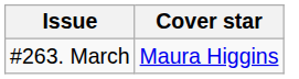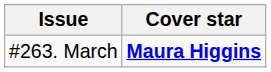 <table class="sortable wikitable">
 <tr>
 <th>Issue</th>
 <th>Cover star</th>
 </tr>
 <tr>
 <td>#263. March</td>
-<td><a href='#'>Maura Higgins</a></td>
+<td><strong><a href='#'>Maura Higgins</a></strong></td>
 </tr>
 </table>
